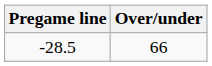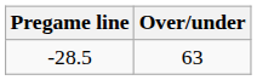 <table class="wikitable" style="margin-left: auto; margin-right: auto; border: none; display: inline-table;">
 <tr align="center">
 <th style=>Pregame line</th>
 <th style=>Over/under</th>
 </tr>
 <tr align="center">
 <td>-28.5</td>
-<td>66</td>
+<td>63</td>
 </tr>
 </table>
